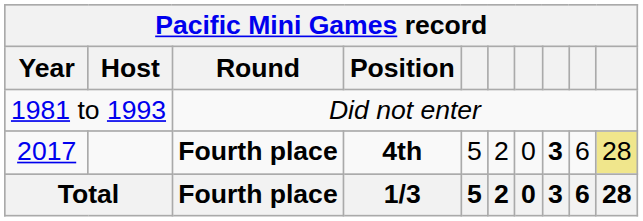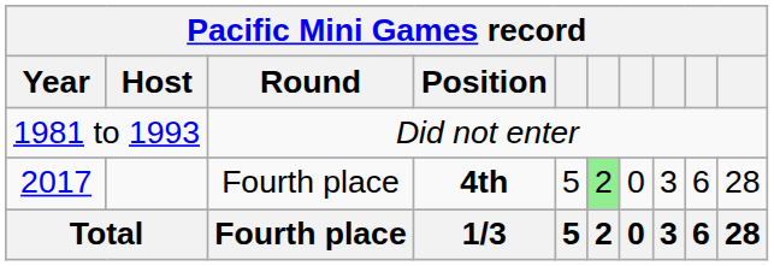 <table class="wikitable" style="text-align: center;">
 <tr>
 <th colspan=10><a href='#'>Pacific Mini Games</a> record</th>
 </tr>
 <tr>
 <th>Year</th>
 <th>Host</th>
 <th>Round</th>
 <th>Position</th>
 <th></th>
 <th></th>
 <th></th>
 <th></th>
 <th></th>
 <th></th>
 </tr>
 <tr>
 <td colspan=2><a href='#'>1981</a> to <a href='#'>1993</a></td>
 <td colspan=8><em>Did not enter</em></td>
 </tr>
 <tr>
 <td><a href='#'>2017</a></td>
 <td align=left></td>
-<td><strong>Fourth place</strong></td>
+<td>Fourth place</td>
 <td><strong>4th</strong></td>
 <td>5</td>
-<td>2</td>
+<td style="background: lightgreen;">2</td>
 <td>0</td>
-<td><strong>3</strong></td>
+<td>3</td>
 <td>6</td>
-<td style="background: khaki;">28</td>
+<td>28</td>
 </tr>
 <tr>
 <th colspan=2>Total</th>
 <th>Fourth place</th>
 <th>1/3</th>
 <th>5</th>
 <th>2</th>
 <th>0</th>
 <th>3</th>
 <th>6</th>
 <th>28</th>
 </tr>
 </table>
